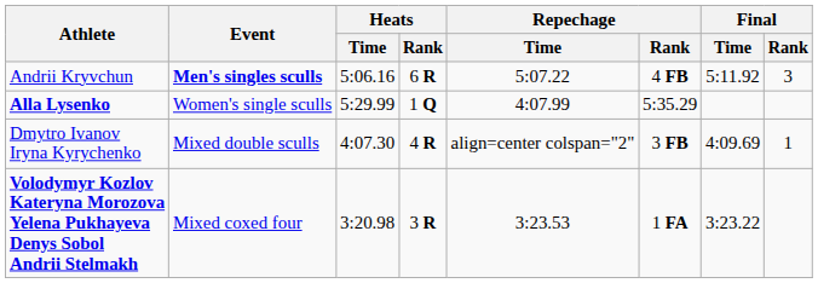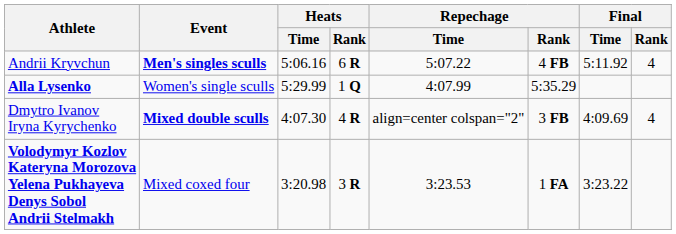 <table class="wikitable">
 <tr>
 <th rowspan="2">Athlete</th>
 <th rowspan="2">Event</th>
 <th colspan="2">Heats</th>
 <th colspan="2">Repechage</th>
 <th colspan="2">Final</th>
 </tr>
 <tr style="font-size:95%">
 <th>Time</th>
 <th>Rank</th>
 <th>Time</th>
 <th>Rank</th>
 <th>Time</th>
 <th>Rank</th>
 </tr>
 <tr>
 <td align=left><a href='#'>Andrii Kryvchun</a></td>
 <td align=left><strong><a href='#'>Men's singles sculls</a></strong></td>
 <td align=center>5:06.16</td>
 <td align=center>6 <strong>R</strong></td>
 <td align=center>5:07.22</td>
 <td align=center>4 <strong>FB</strong></td>
 <td align=center>5:11.92</td>
-<td align=center>3</td>
+<td align=center>4</td>
 </tr>
 <tr>
 <td align=left><strong><a href='#'>Alla Lysenko</a></strong></td>
 <td align=left><a href='#'>Women's single sculls</a></td>
 <td align=center>5:29.99</td>
 <td align=center>1 <strong>Q</strong></td>
 <td align=center>4:07.99</td>
 <td align=center>5:35.29</td>
 <td align=center></td>
 </tr>
 <tr>
 <td align=left><a href='#'>Dmytro Ivanov</a><br> <a href='#'>Iryna Kyrychenko</a></td>
-<td align=left><a href='#'>Mixed double sculls</a></td>
+<td align=left><strong><a href='#'>Mixed double sculls</a></strong></td>
 <td align=center>4:07.30</td>
 <td align=center>4 <strong>R</strong></td>
 <td>align=center colspan="2" </td>
 <td align=center>3 <strong>FB</strong></td>
 <td align=center>4:09.69</td>
-<td align=center>1</td>
+<td align=center>4</td>
 </tr>
 <tr>
 <td align=left><strong><a href='#'>Volodymyr Kozlov</a></strong><br> <strong><a href='#'>Kateryna Morozova</a></strong><br> <strong><a href='#'>Yelena Pukhayeva</a></strong><br> <strong><a href='#'>Denys Sobol</a></strong><br> <strong><a href='#'>Andrii Stelmakh</a></strong></td>
 <td align=left><a href='#'>Mixed coxed four</a></td>
 <td align=center>3:20.98</td>
 <td align=center>3 <strong>R</strong></td>
 <td align=center>3:23.53</td>
 <td align=center>1 <strong>FA</strong></td>
 <td align=center>3:23.22</td>
 <td align=center></td>
 </tr>
 </table>
